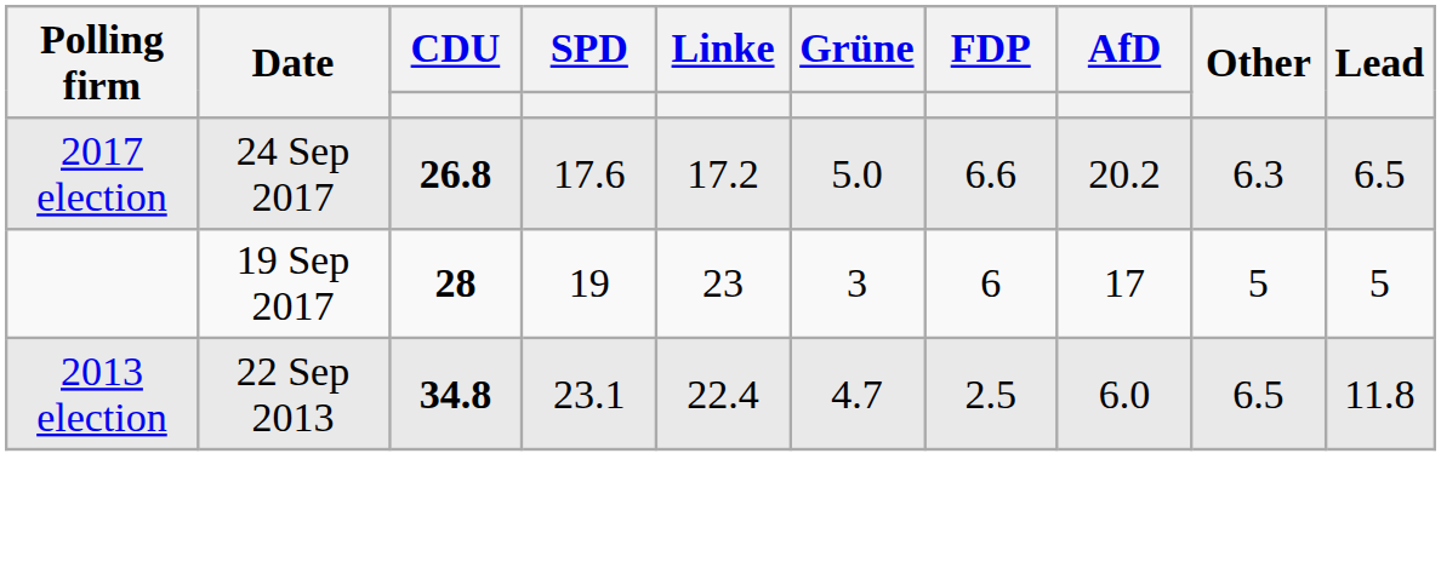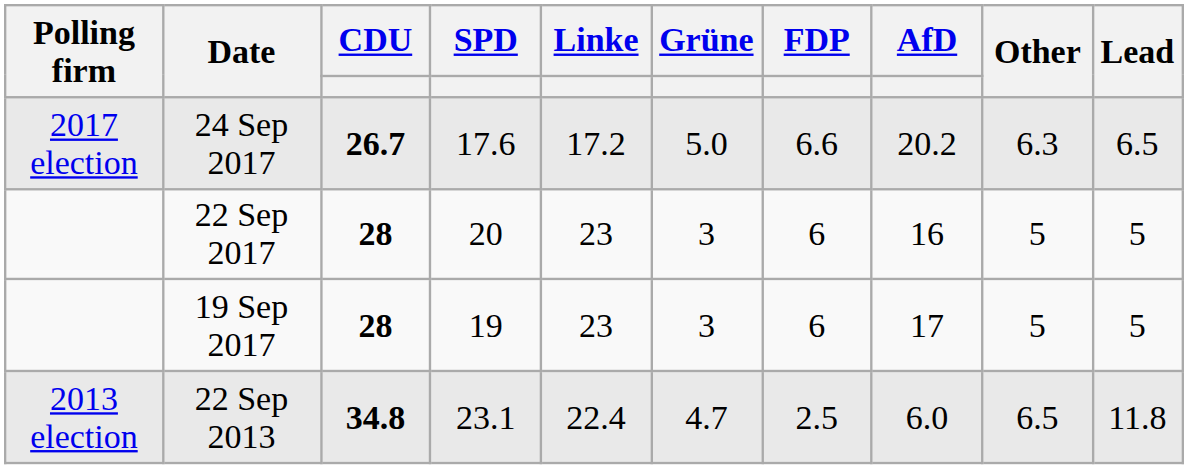 <table class="wikitable sortable" style="text-align:center; font-size:90%; line-height:16px;">
 <tr>
 <th style="width:60px;" rowspan="2">Polling firm</th>
 <th style="width:60px;" rowspan="2">Date</th>
 <th style="width:40px;" class="unsortable"><a href='#'>CDU</a></th>
 <th style="width:40px;" class="unsortable"><a href='#'>SPD</a></th>
 <th style="width:40px;" class="unsortable"><a href='#'>Linke</a></th>
 <th style="width:40px;" class="unsortable"><a href='#'>Grüne</a></th>
 <th style="width:40px;" class="unsortable"><a href='#'>FDP</a></th>
 <th style="width:40px;" class="unsortable"><a href='#'>AfD</a></th>
 <th style="width:40px;" rowspan="2" class="unsortable">Other</th>
 <th style="width:30px;" rowspan="2" class="unsortable">Lead</th>
 </tr>
 <tr>
 <th style="color:inherit;background:"></th>
 <th style="color:inherit;background:"></th>
 <th style="color:inherit;background:"></th>
 <th style="color:inherit;background:"></th>
 <th style="color:inherit;background:"></th>
 <th style="color:inherit;background:"></th>
 </tr>
 <tr style="background-color:#E9E9E9">
 <td><a href='#'>2017 election</a></td>
 <td>24 Sep 2017</td>
-<td><strong>26.8</strong></td>
+<td><strong>26.7</strong></td>
 <td>17.6</td>
 <td>17.2</td>
 <td>5.0</td>
 <td>6.6</td>
 <td>20.2</td>
 <td>6.3</td>
 <td style="background:">6.5</td>
+</tr>
+<tr>
+<td></td>
+<td>22 Sep 2017</td>
+<td><strong>28</strong></td>
+<td>20</td>
+<td>23</td>
+<td>3</td>
+<td>6</td>
+<td>16</td>
+<td>5</td>
+<td style="background:">5</td>
 </tr>
 <tr>
 <td></td>
 <td>19 Sep 2017</td>
 <td><strong>28</strong></td>
 <td>19</td>
 <td>23</td>
 <td>3</td>
 <td>6</td>
 <td>17</td>
 <td>5</td>
 <td style="background:">5</td>
 </tr>
 <tr style="background-color:#E9E9E9">
 <td><a href='#'>2013 election</a></td>
 <td>22 Sep 2013</td>
 <td><strong>34.8</strong></td>
 <td>23.1</td>
 <td>22.4</td>
 <td>4.7</td>
 <td>2.5</td>
 <td>6.0</td>
 <td>6.5</td>
 <td style="background:">11.8</td>
 </tr>
 </table>
